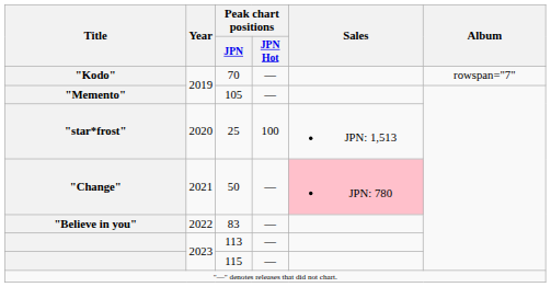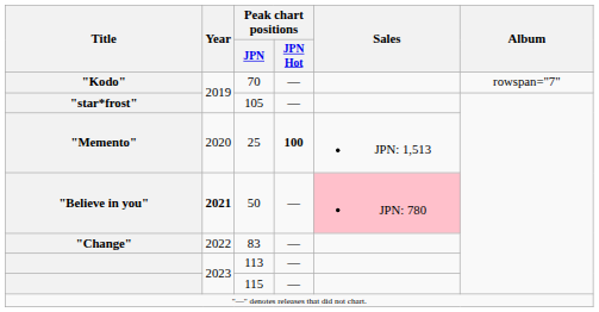 <table class="wikitable plainrowheaders" style="text-align:center;">
 <tr>
 <th scope="col" rowspan="2" style="width:15em;">Title</th>
 <th scope="col" rowspan="2" style="width:1em;">Year</th>
 <th scope="col" colspan="2">Peak chart<br>positions</th>
 <th scope="col" rowspan="2" style="width:11em;">Sales</th>
 <th scope="col" rowspan="2" style="width:10em;">Album</th>
 </tr>
 <tr>
 <th scope="col" style="width:3em;font-size:90%;"><a href='#'>JPN</a><br></th>
 <th scope="col" style="width:3em;font-size:90%;"><a href='#'>JPN<br>Hot</a><br></th>
 </tr>
 <tr>
 <th scope="row">"Kodo"</th>
 <td rowspan="2">2019</td>
 <td>70</td>
 <td>—</td>
 <td></td>
 <td>rowspan="7" </td>
 </tr>
 <tr>
-<th scope="row">"Memento"</th>
+<th scope="row">"star*frost"</th>
 <td>105</td>
 <td>—</td>
 <td></td>
 </tr>
 <tr>
-<th scope="row">"star*frost"</th>
+<th scope="row">"Memento"</th>
 <td>2020</td>
 <td>25</td>
-<td>100</td>
+<td><strong>100</strong></td>
 <td><br><ul><li>JPN: 1,513</li></ul></td>
 </tr>
 <tr>
-<th scope="row">"Change"</th>
-<td>2021</td>
+<th scope="row">"Believe in you"</th>
+<td><strong>2021</strong></td>
 <td>50</td>
 <td>—</td>
 <td style="background: pink;"><br><ul><li>JPN: 780</li></ul></td>
 </tr>
 <tr>
-<th scope="row">"Believe in you"</th>
+<th scope="row">"Change"</th>
 <td>2022</td>
 <td>83</td>
 <td>—</td>
 <td></td>
 </tr>
 <tr>
 <th scope="row"></th>
 <td rowspan="2">2023</td>
 <td>113</td>
 <td>—</td>
 <td></td>
 </tr>
 <tr>
 <th scope="row"></th>
 <td>115</td>
 <td>—</td>
 <td></td>
 </tr>
 <tr>
 <td colspan="6" style="font-size: 8pt">"—" denotes releases that did not chart.</td>
 </tr>
 </table>
